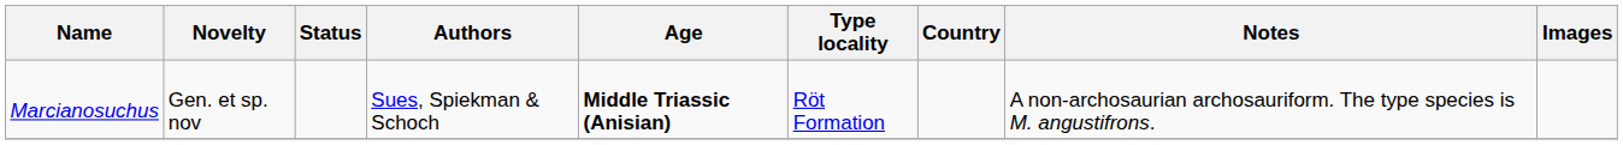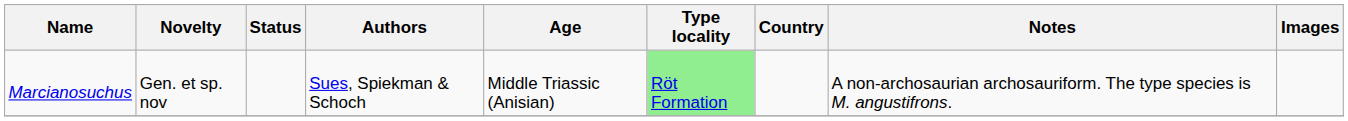 <table class="wikitable sortable" width="100%" align="center">
 <tr>
 <th>Name</th>
 <th>Novelty</th>
 <th>Status</th>
 <th>Authors</th>
 <th>Age</th>
 <th>Type locality</th>
 <th>Country</th>
 <th>Notes</th>
 <th>Images</th>
 </tr>
 <tr>
 <td><br><em><a href='#'>Marcianosuchus</a></em></td>
 <td><br>Gen. et sp. nov</td>
 <td></td>
 <td><br><a href='#'>Sues</a>, Spiekman & Schoch</td>
-<td><strong><br>Middle Triassic (Anisian)</strong></td>
-<td><br><a href='#'>Röt Formation</a></td>
+<td><br>Middle Triassic (Anisian)</td>
+<td style="background: lightgreen;"><br><a href='#'>Röt Formation</a></td>
 <td><br></td>
 <td><br>A non-archosaurian archosauriform. The type species is <em>M. angustifrons</em>.</td>
 <td></td>
 </tr>
 <tr>
 </tr>
 </table>
